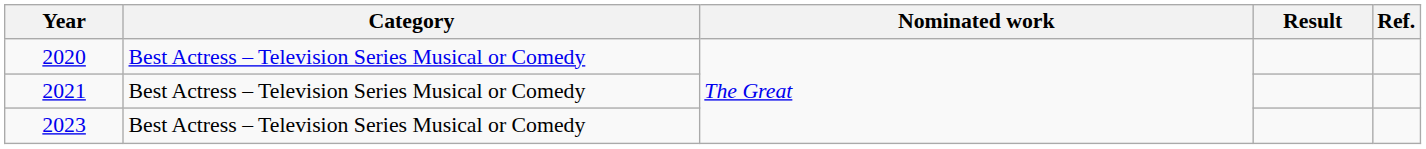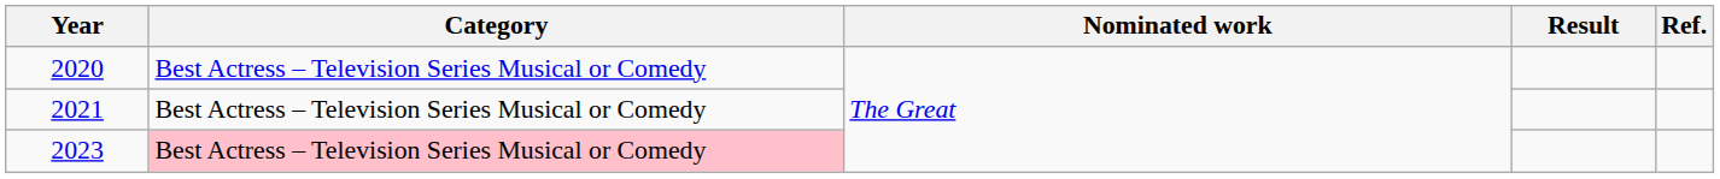 <table class=wikitable>
 <tr>
 <th scope="col" style="width:5em;">Year</th>
 <th scope="col" style="width:26em;">Category</th>
 <th scope="col" style="width:25em;">Nominated work</th>
 <th scope="col" style="width:5em;">Result</th>
 <th>Ref.</th>
 </tr>
 <tr>
 <td style="text-align:center;"><a href='#'>2020</a></td>
 <td><a href='#'>Best Actress – Television Series Musical or Comedy</a></td>
 <td rowspan="3"><em><a href='#'>The Great</a></em></td>
 <td></td>
 <td style = "text-align: center;"></td>
 </tr>
 <tr>
 <td style="text-align:center;"><a href='#'>2021</a></td>
 <td>Best Actress – Television Series Musical or Comedy</td>
 <td></td>
 <td style = "text-align: center;"></td>
 </tr>
 <tr>
 <td style="text-align:center;"><a href='#'>2023</a></td>
-<td>Best Actress – Television Series Musical or Comedy</td>
+<td style="background: pink;">Best Actress – Television Series Musical or Comedy</td>
 <td></td>
 <td style = "text-align: center;"></td>
 </tr>
 </table>
